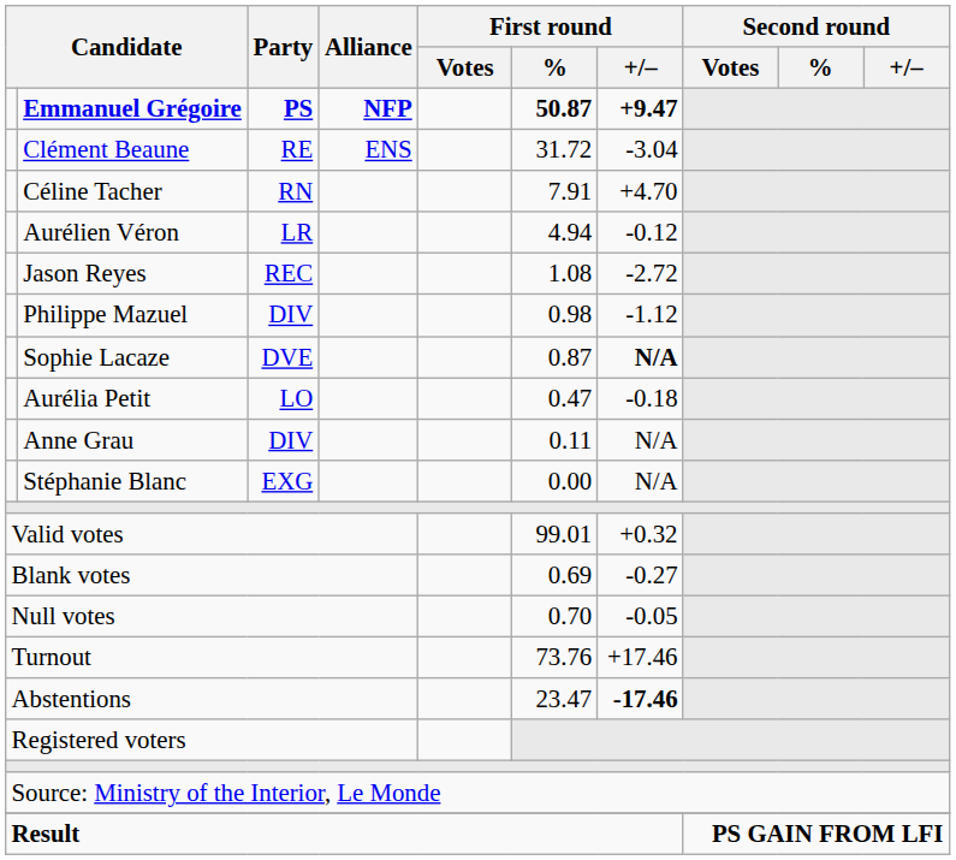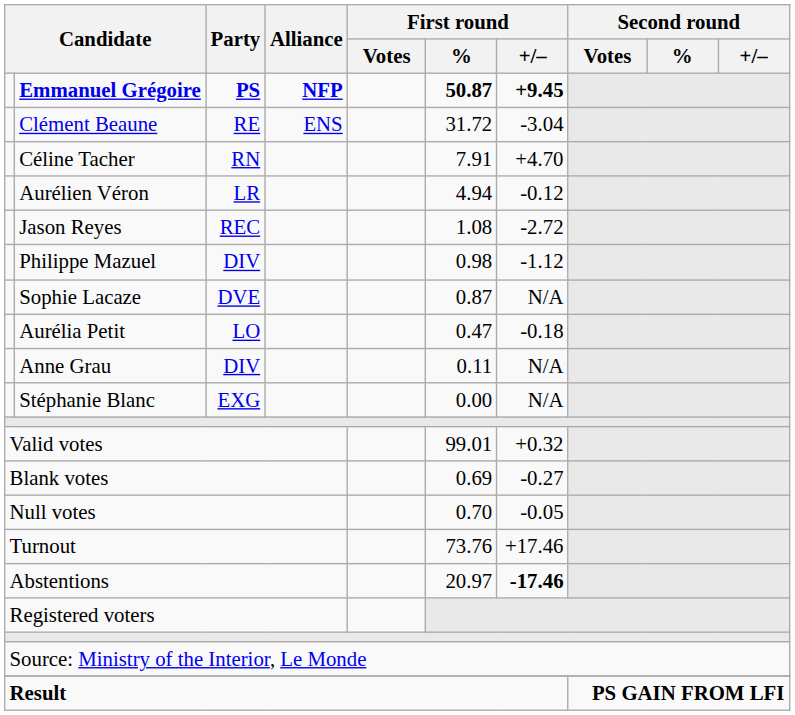 <table class="wikitable" style="text-align:right;font-size:95%;">
 <tr>
 <th rowspan="2" colspan="2">Candidate</th>
 <th rowspan="2">Party</th>
 <th rowspan="2">Alliance</th>
 <th colspan="3">First round</th>
 <th colspan="3">Second round</th>
 </tr>
 <tr>
 <th style="width:50px;">Votes</th>
 <th style="width:45px;">%</th>
 <th style="width:45px;">+/–</th>
 <th style="width:50px;">Votes</th>
 <th style="width:45px;">%</th>
 <th style="width:45px;">+/–</th>
 </tr>
 <tr>
 <td style="color:inherit;background:"></td>
 <td style="text-align:left;"><strong><a href='#'>Emmanuel Grégoire</a></strong></td>
 <td><a href='#'><strong>PS</strong></a></td>
 <td><a href='#'><strong>NFP</strong></a></td>
 <td><strong></strong></td>
 <td><strong>50.87</strong></td>
-<td><strong>+9.47</strong></td>
+<td><strong>+9.45</strong></td>
 <td colspan="3" style="background:#E9E9E9;"></td>
 </tr>
 <tr>
 <td style="color:inherit;background:"></td>
 <td style="text-align:left;"><a href='#'>Clément Beaune</a></td>
 <td><a href='#'>RE</a></td>
 <td><a href='#'>ENS</a></td>
 <td></td>
 <td>31.72</td>
 <td>-3.04</td>
 <td colspan="3" style="background:#E9E9E9;"></td>
 </tr>
 <tr>
 <td style="color:inherit;background:"></td>
 <td style="text-align:left;">Céline Tacher</td>
 <td><a href='#'>RN</a></td>
 <td></td>
 <td></td>
 <td>7.91</td>
 <td>+4.70</td>
 <td colspan="3" style="background:#E9E9E9;"></td>
 </tr>
 <tr>
 <td style="color:inherit;background:"></td>
 <td style="text-align:left;">Aurélien Véron</td>
 <td><a href='#'>LR</a></td>
 <td></td>
 <td></td>
 <td>4.94</td>
 <td>-0.12</td>
 <td colspan="3" style="background:#E9E9E9;"></td>
 </tr>
 <tr>
 <td style="color:inherit;background:"></td>
 <td style="text-align:left;">Jason Reyes</td>
 <td><a href='#'>REC</a></td>
 <td></td>
 <td></td>
 <td>1.08</td>
 <td>-2.72</td>
 <td colspan="3" style="background:#E9E9E9;"></td>
 </tr>
 <tr>
 <td style="color:inherit;background:"></td>
 <td style="text-align:left;">Philippe Mazuel</td>
 <td><a href='#'>DIV</a></td>
 <td></td>
 <td></td>
 <td>0.98</td>
 <td>-1.12</td>
 <td colspan="3" style="background:#E9E9E9;"></td>
 </tr>
 <tr>
 <td style="color:inherit;background:"></td>
 <td style="text-align:left;">Sophie Lacaze</td>
 <td><a href='#'>DVE</a></td>
 <td></td>
 <td></td>
 <td>0.87</td>
-<td><strong>N/A</strong></td>
+<td>N/A</td>
 <td colspan="3" style="background:#E9E9E9;"></td>
 </tr>
 <tr>
 <td style="color:inherit;background:"></td>
 <td style="text-align:left;">Aurélia Petit</td>
 <td><a href='#'>LO</a></td>
 <td></td>
 <td></td>
 <td>0.47</td>
 <td>-0.18</td>
 <td colspan="3" style="background:#E9E9E9;"></td>
 </tr>
 <tr>
 <td style="color:inherit;background:"></td>
 <td style="text-align:left;">Anne Grau</td>
 <td><a href='#'>DIV</a></td>
 <td></td>
 <td></td>
 <td>0.11</td>
 <td>N/A</td>
 <td colspan="3" style="background:#E9E9E9;"></td>
 </tr>
 <tr>
 <td style="color:inherit;background:"></td>
 <td style="text-align:left;">Stéphanie Blanc</td>
 <td><a href='#'>EXG</a></td>
 <td></td>
 <td></td>
 <td>0.00</td>
 <td>N/A</td>
 <td colspan="3" style="background:#E9E9E9;"></td>
 </tr>
 <tr>
 <td colspan="10" style="background:#E9E9E9;"></td>
 </tr>
 <tr>
 <td colspan="4" style="text-align:left;">Valid votes</td>
 <td></td>
 <td>99.01</td>
 <td>+0.32</td>
 <td colspan="3" style="background:#E9E9E9;"></td>
 </tr>
 <tr>
 <td colspan="4" style="text-align:left;">Blank votes</td>
 <td></td>
 <td>0.69</td>
 <td>-0.27</td>
 <td colspan="3" style="background:#E9E9E9;"></td>
 </tr>
 <tr>
 <td colspan="4" style="text-align:left;">Null votes</td>
 <td></td>
 <td>0.70</td>
 <td>-0.05</td>
 <td colspan="3" style="background:#E9E9E9;"></td>
 </tr>
 <tr>
 <td colspan="4" style="text-align:left;">Turnout</td>
 <td></td>
 <td>73.76</td>
 <td>+17.46</td>
 <td colspan="3" style="background:#E9E9E9;"></td>
 </tr>
 <tr>
 <td colspan="4" style="text-align:left;">Abstentions</td>
 <td></td>
-<td>23.47</td>
+<td>20.97</td>
 <td><strong>-17.46</strong></td>
 <td colspan="3" style="background:#E9E9E9;"></td>
 </tr>
 <tr>
 <td colspan="4" style="text-align:left;">Registered voters</td>
 <td></td>
 <td colspan="5" style="background:#E9E9E9;"></td>
 </tr>
 <tr>
 <td colspan="10" style="background:#E9E9E9;"></td>
 </tr>
 <tr>
 <td colspan="10" style="text-align:left;">Source: <a href='#'>Ministry of the Interior</a>, <a href='#'>Le Monde</a></td>
 </tr>
 <tr>
 </tr>
 <tr style="font-weight:bold">
 <td colspan="7" style="text-align:left;">Result</td>
 <td colspan="7" style="background-color:">PS GAIN FROM LFI</td>
 </tr>
 </table>
